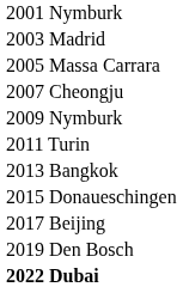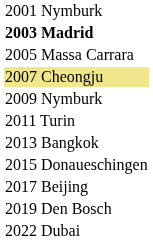 <table>
 <tr>
 <td>2001 Nymburk</td>
 <td></td>
 <td></td>
 <td></td>
 </tr>
 <tr>
-<td>2003 Madrid</td>
+<td><strong>2003 Madrid</strong></td>
 <td></td>
 <td></td>
 <td></td>
 </tr>
 <tr>
 <td>2005 Massa Carrara</td>
 <td></td>
 <td></td>
 <td></td>
 </tr>
 <tr>
-<td>2007 Cheongju</td>
+<td style="background: khaki;">2007 Cheongju</td>
 <td></td>
 <td></td>
 <td></td>
 </tr>
 <tr>
 <td>2009 Nymburk</td>
 <td></td>
 <td></td>
 <td></td>
 </tr>
 <tr>
 <td>2011 Turin</td>
 <td></td>
 <td></td>
 <td></td>
 </tr>
 <tr>
 <td>2013 Bangkok</td>
 <td></td>
 <td></td>
 <td></td>
 </tr>
 <tr>
 <td>2015 Donaueschingen</td>
 <td></td>
 <td></td>
 <td></td>
 </tr>
 <tr>
 <td>2017 Beijing</td>
 <td></td>
 <td></td>
 <td></td>
 </tr>
 <tr>
 <td>2019 Den Bosch</td>
 <td></td>
 <td></td>
 <td></td>
 </tr>
 <tr>
-<td><strong>2022 Dubai</strong></td>
+<td>2022 Dubai</td>
 <td></td>
 <td></td>
 <td></td>
 </tr>
 </table>
